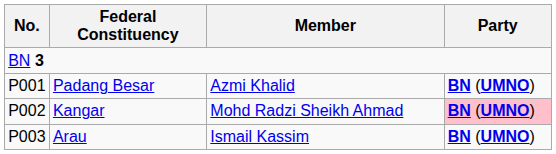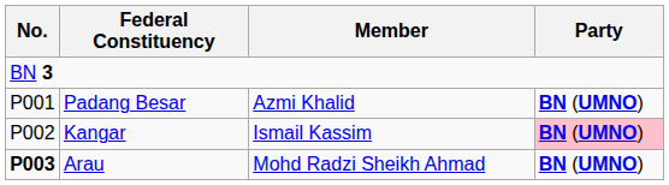 <table class ="wikitable sortable">
 <tr>
 <th style="width:30px;">No.</th>
 <th style="width:150px;">Federal Constituency</th>
 <th style="width:230px;">Member</th>
 <th style="width:100px;">Party</th>
 </tr>
 <tr>
 <td colspan="4"><a href='#'>BN</a> <strong>3</strong></td>
 </tr>
 <tr>
 <td>P001</td>
 <td><a href='#'>Padang Besar</a></td>
 <td><a href='#'>Azmi Khalid</a></td>
 <td><strong><a href='#'>BN</a></strong> (<strong><a href='#'>UMNO</a></strong>)</td>
 </tr>
 <tr>
 <td>P002</td>
 <td><a href='#'>Kangar</a></td>
-<td><a href='#'>Mohd Radzi Sheikh Ahmad</a></td>
+<td><a href='#'>Ismail Kassim</a></td>
 <td style="background: pink;"><strong><a href='#'>BN</a></strong> (<strong><a href='#'>UMNO</a></strong>)</td>
 </tr>
 <tr>
-<td>P003</td>
+<td><strong>P003</strong></td>
 <td><a href='#'>Arau</a></td>
-<td><a href='#'>Ismail Kassim</a></td>
+<td><a href='#'>Mohd Radzi Sheikh Ahmad</a></td>
 <td><strong><a href='#'>BN</a></strong> (<strong><a href='#'>UMNO</a></strong>)</td>
 </tr>
 </table>
